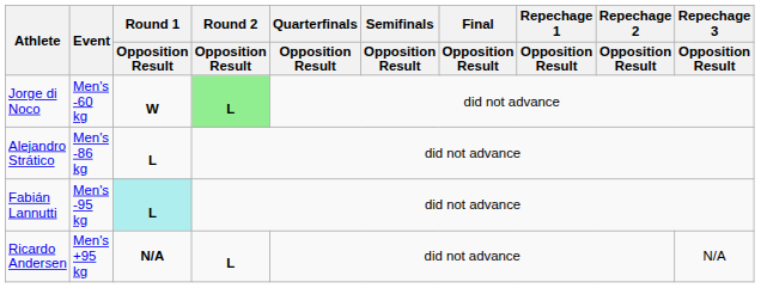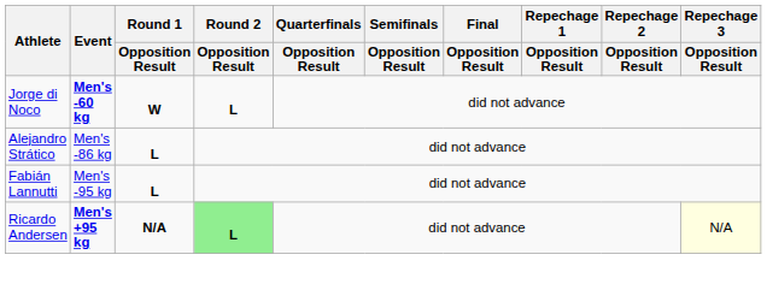 <table class="wikitable" style="font-size:90%">
 <tr>
 <th rowspan="2">Athlete</th>
 <th rowspan="2">Event</th>
 <th>Round 1</th>
 <th>Round 2</th>
 <th>Quarterfinals</th>
 <th>Semifinals</th>
 <th>Final</th>
 <th>Repechage 1</th>
 <th>Repechage 2</th>
 <th>Repechage 3</th>
 </tr>
 <tr>
 <th style="line-height:1em">Opposition<br>Result</th>
 <th style="line-height:1em">Opposition<br>Result</th>
 <th style="line-height:1em">Opposition<br>Result</th>
 <th style="line-height:1em">Opposition<br>Result</th>
 <th style="line-height:1em">Opposition<br>Result</th>
 <th style="line-height:1em">Opposition<br>Result</th>
 <th style="line-height:1em">Opposition<br>Result</th>
 <th style="line-height:1em">Opposition<br>Result</th>
 </tr>
 <tr>
 <td><a href='#'>Jorge di Noco</a></td>
-<td><a href='#'>Men's -60 kg</a></td>
+<td><strong><a href='#'>Men's -60 kg</a></strong></td>
 <td align="center"><br><strong>W</strong></td>
-<td align="center" style="background: lightgreen;"><br><strong>L</strong></td>
+<td align="center"><br><strong>L</strong></td>
 <td align="center" colspan=6>did not advance</td>
 </tr>
 <tr>
 <td><a href='#'>Alejandro Strático</a></td>
 <td><a href='#'>Men's -86 kg</a></td>
 <td align="center"><br><strong>L</strong></td>
 <td align="center" colspan=7>did not advance</td>
 </tr>
 <tr>
 <td><a href='#'>Fabián Lannutti</a></td>
 <td><a href='#'>Men's -95 kg</a></td>
-<td align="center" style="background: paleturquoise;"><br><strong>L</strong></td>
+<td align="center"><br><strong>L</strong></td>
 <td align="center" colspan=7>did not advance</td>
 </tr>
 <tr>
 <td><a href='#'>Ricardo Andersen</a></td>
-<td><a href='#'>Men's +95 kg</a></td>
+<td><strong><a href='#'>Men's +95 kg</a></strong></td>
 <td align="center"><strong>N/A</strong></td>
-<td align="center"><br><strong>L</strong></td>
+<td align="center" style="background: lightgreen;"><br><strong>L</strong></td>
 <td align="center" colspan=5>did not advance</td>
-<td align="center">N/A</td>
+<td align="center" style="background: lightyellow;">N/A</td>
 </tr>
 </table>
